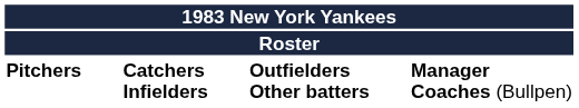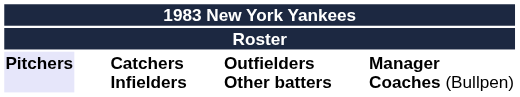 <table class="toccolours" style="font-size: 95%;">
 <tr>
 <th colspan="10" style="background-color: #1c2841; color: white; text-align: center;">1983 New York Yankees</th>
 </tr>
 <tr>
 <td colspan="10" style="background-color:#1c2841; color: white; text-align: center;"><strong>Roster</strong></td>
 </tr>
 <tr>
-<td valign="top"><strong>Pitchers</strong><br>               </td>
+<td valign="top" style="background: lavender;"><strong>Pitchers</strong><br>               </td>
 <td width="25px"></td>
 <td valign="top"><strong>Catchers</strong><br>   <strong>Infielders</strong>         </td>
 <td width="25px"></td>
 <td valign="top"><strong>Outfielders</strong><br>          <strong>Other batters</strong>  </td>
 <td width="25px"></td>
 <td valign="top"><strong>Manager</strong><br> <strong>Coaches</strong>    (Bullpen)   </td>
 </tr>
 </table>
